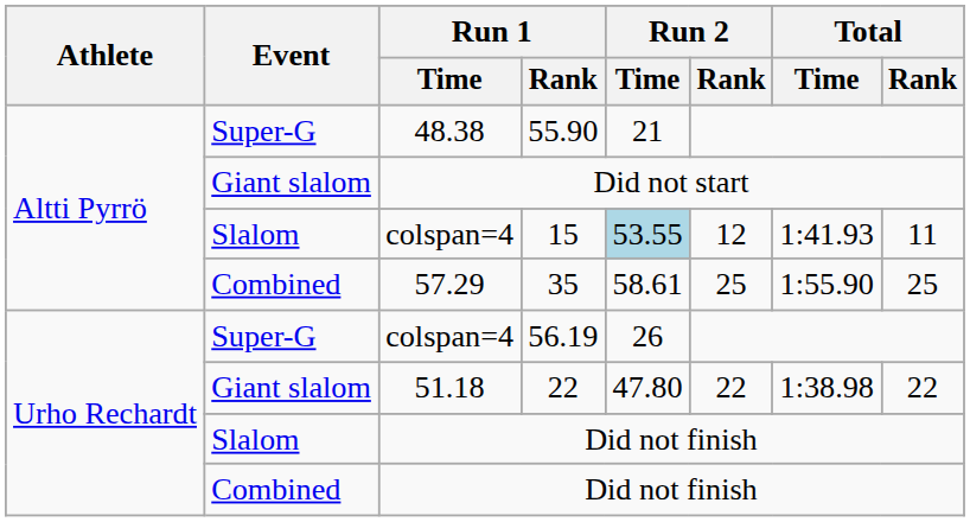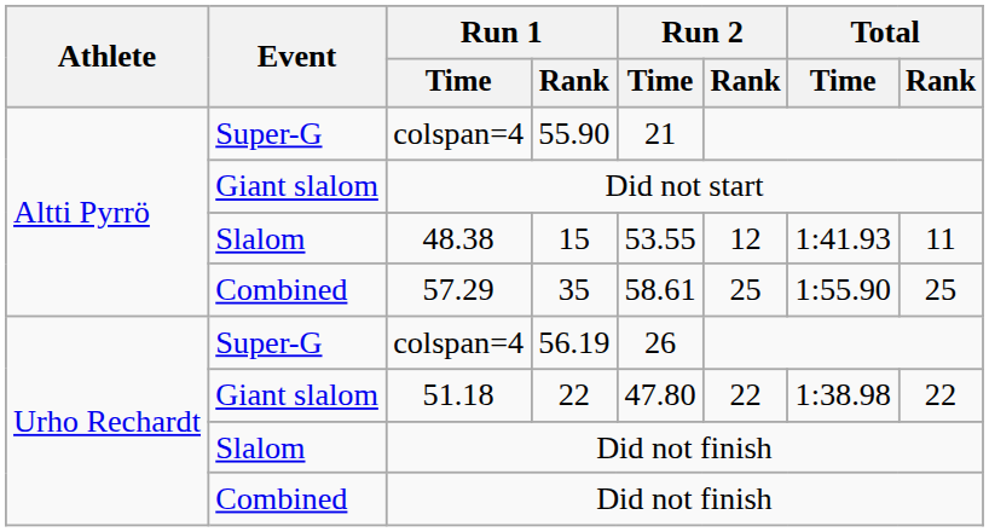 <table class="wikitable" style="font-size:90%">
 <tr>
 <th rowspan=2>Athlete</th>
 <th rowspan=2>Event</th>
 <th colspan=2>Run 1</th>
 <th colspan=2>Run 2</th>
 <th colspan=2>Total</th>
 </tr>
 <tr style="font-size:95%">
 <th>Time</th>
 <th>Rank</th>
 <th>Time</th>
 <th>Rank</th>
 <th>Time</th>
 <th>Rank</th>
 </tr>
 <tr align=center>
 <td align="left" rowspan="4"><a href='#'>Altti Pyrrö</a></td>
 <td align="left"><a href='#'>Super-G</a></td>
-<td>48.38</td>
+<td>colspan=4</td>
 <td>55.90</td>
 <td>21</td>
 </tr>
 <tr align=center>
 <td align="left"><a href='#'>Giant slalom</a></td>
 <td colspan=6>Did not start</td>
 </tr>
 <tr align=center>
 <td align="left"><a href='#'>Slalom</a></td>
-<td>colspan=4</td>
+<td>48.38</td>
 <td>15</td>
-<td style="background: lightblue;">53.55</td>
+<td>53.55</td>
 <td>12</td>
 <td>1:41.93</td>
 <td>11</td>
 </tr>
 <tr align=center>
 <td align="left"><a href='#'>Combined</a></td>
 <td>57.29</td>
 <td>35</td>
 <td>58.61</td>
 <td>25</td>
 <td>1:55.90</td>
 <td>25</td>
 </tr>
 <tr align=center>
 <td align="left" rowspan="4"><a href='#'>Urho Rechardt</a></td>
 <td align="left"><a href='#'>Super-G</a></td>
 <td>colspan=4</td>
 <td>56.19</td>
 <td>26</td>
 </tr>
 <tr align=center>
 <td align="left"><a href='#'>Giant slalom</a></td>
 <td>51.18</td>
 <td>22</td>
 <td>47.80</td>
 <td>22</td>
 <td>1:38.98</td>
 <td>22</td>
 </tr>
 <tr align=center>
 <td align="left"><a href='#'>Slalom</a></td>
 <td colspan=6>Did not finish</td>
 </tr>
 <tr align=center>
 <td align="left"><a href='#'>Combined</a></td>
 <td colspan=6>Did not finish</td>
 </tr>
 </table>
